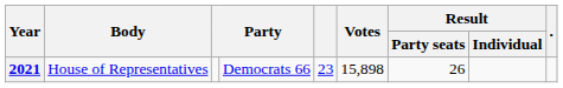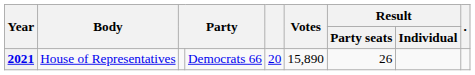 <table class="wikitable plainrowheaders sortable" border=2 cellpadding=4 cellspacing=0 style="border: 1px #aaa solid; font-size: 90%; text-align:center;">
 <tr>
 <th scope="col" rowspan=2>Year</th>
 <th scope="col" rowspan=2>Body</th>
 <th scope="col" colspan=2 rowspan=2>Party</th>
 <th scope="col" rowspan=2></th>
 <th scope="col" rowspan=2>Votes</th>
 <th scope="colgroup" colspan=2>Result</th>
 <th scope="col" rowspan=2 class="unsortable">.</th>
 </tr>
 <tr>
 <th scope="col">Party seats</th>
 <th scope="col">Individual</th>
 </tr>
 <tr>
 <th scope="row"><a href='#'>2021</a></th>
 <td><a href='#'>House of Representatives</a></td>
 <td style="background-color:"></td>
 <td><a href='#'>Democrats 66</a></td>
-<td style=text-align:right><a href='#'>23</a></td>
-<td style=text-align:right>15,898</td>
+<td style=text-align:right><a href='#'>20</a></td>
+<td style=text-align:right>15,890</td>
 <td style=text-align:right>26</td>
 <td></td>
 <td></td>
 </tr>
 </table>
